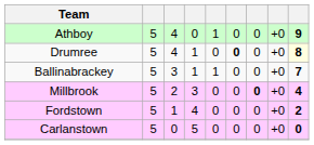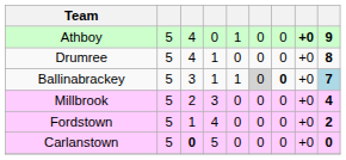 <table class="wikitable" style="text-align:center">
 <tr>
 <th width="175">Team</th>
 <th width="20"></th>
 <th width="20"></th>
 <th width="20"></th>
 <th width="20"></th>
 <th width="20"></th>
 <th width="20"></th>
 <th width="20"></th>
 <th width="20"></th>
 </tr>
 <tr style="background:#cfc;">
 <td>Athboy</td>
 <td>5</td>
 <td>4</td>
 <td>0</td>
 <td>1</td>
 <td>0</td>
 <td>0</td>
-<td>+0</td>
+<td><strong>+0</strong></td>
 <td><strong>9</strong></td>
 </tr>
 <tr>
 <td>Drumree</td>
 <td>5</td>
 <td>4</td>
 <td>1</td>
 <td>0</td>
-<td><strong>0</strong></td>
+<td>0</td>
 <td>0</td>
 <td>+0</td>
-<td style="background: lightyellow;"><strong>8</strong></td>
+<td><strong>8</strong></td>
 </tr>
 <tr>
 <td>Ballinabrackey</td>
 <td>5</td>
 <td>3</td>
 <td>1</td>
 <td>1</td>
-<td>0</td>
-<td>0</td>
+<td style="background: lightgrey;">0</td>
+<td><strong>0</strong></td>
 <td>+0</td>
-<td><strong>7</strong></td>
+<td style="background: lightblue;"><strong>7</strong></td>
 </tr>
 <tr style="background:#fcf;">
 <td>Millbrook</td>
 <td>5</td>
 <td>2</td>
 <td>3</td>
 <td>0</td>
 <td>0</td>
-<td><strong>0</strong></td>
+<td>0</td>
 <td>+0</td>
 <td><strong>4</strong></td>
 </tr>
 <tr style="background:#fcf;">
 <td>Fordstown</td>
 <td>5</td>
 <td>1</td>
 <td>4</td>
 <td>0</td>
 <td>0</td>
 <td>0</td>
 <td>+0</td>
 <td><strong>2</strong></td>
 </tr>
 <tr style="background:#fcf;">
 <td>Carlanstown</td>
 <td>5</td>
-<td>0</td>
+<td><strong>0</strong></td>
 <td>5</td>
 <td>0</td>
 <td>0</td>
 <td>0</td>
 <td>+0</td>
 <td><strong>0</strong></td>
 </tr>
 <tr>
 </tr>
 </table>
